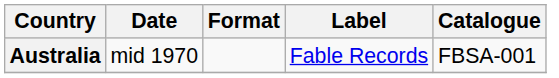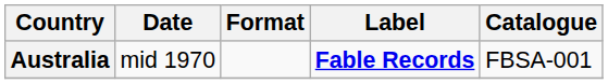 <table class="wikitable plainrowheaders">
 <tr>
 <th scope="col">Country</th>
 <th scope="col">Date</th>
 <th scope="col">Format</th>
 <th scope="col">Label</th>
 <th scope="col">Catalogue</th>
 </tr>
 <tr>
 <th scope="row">Australia</th>
 <td>mid 1970</td>
 <td></td>
-<td><a href='#'>Fable Records</a></td>
+<td><strong><a href='#'>Fable Records</a></strong></td>
 <td>FBSA-001</td>
 </tr>
 <tr>
 </tr>
 </table>
